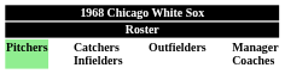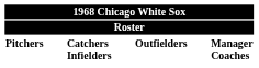 <table class="toccolours" style="font-size: 95%;">
 <tr>
 <th colspan="10" style="background-color: black; color: white; text-align: center;">1968 Chicago White Sox</th>
 </tr>
 <tr>
 <td colspan="10" style="background-color: black; color: white; text-align: center;"><strong>Roster</strong></td>
 </tr>
 <tr>
-<td valign="top" style="background: lightgreen;"><strong>Pitchers</strong><br>              </td>
+<td valign="top"><strong>Pitchers</strong><br>              </td>
 <td width="25px"></td>
 <td valign="top"><strong>Catchers</strong><br>   <strong>Infielders</strong>            </td>
 <td width="25px"></td>
 <td valign="top"><strong>Outfielders</strong><br>        </td>
 <td width="25px"></td>
 <td valign="top"><strong>Manager</strong><br>   <strong>Coaches</strong>      </td>
 </tr>
 </table>
